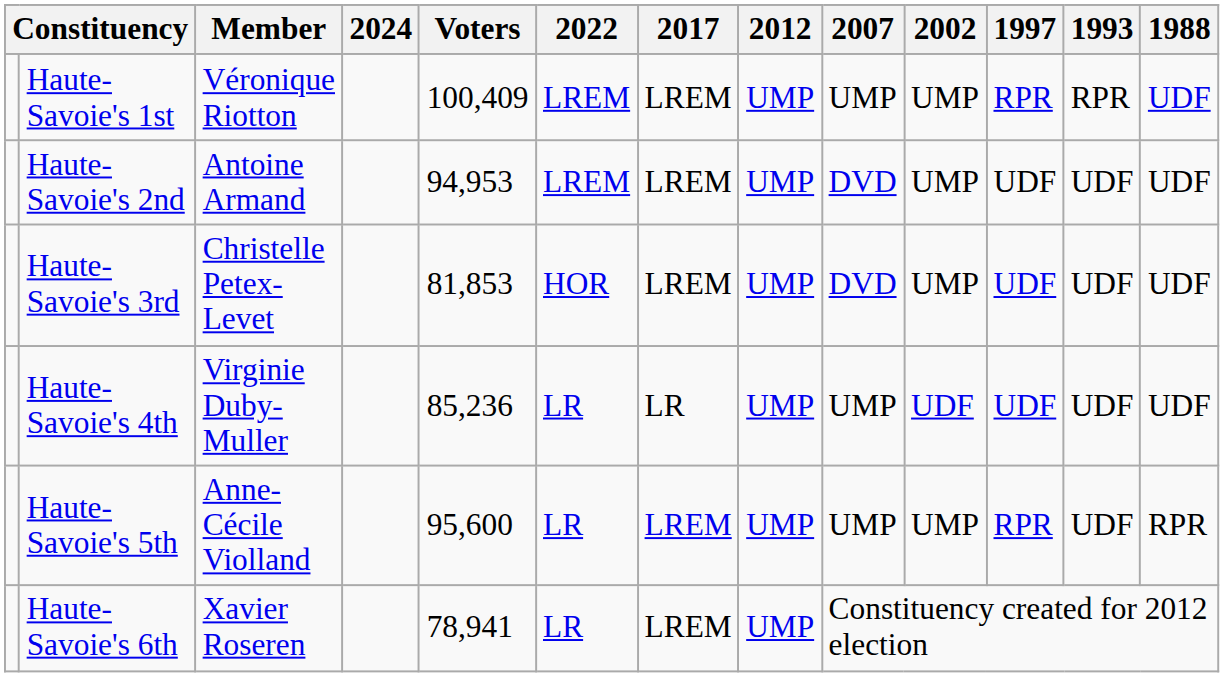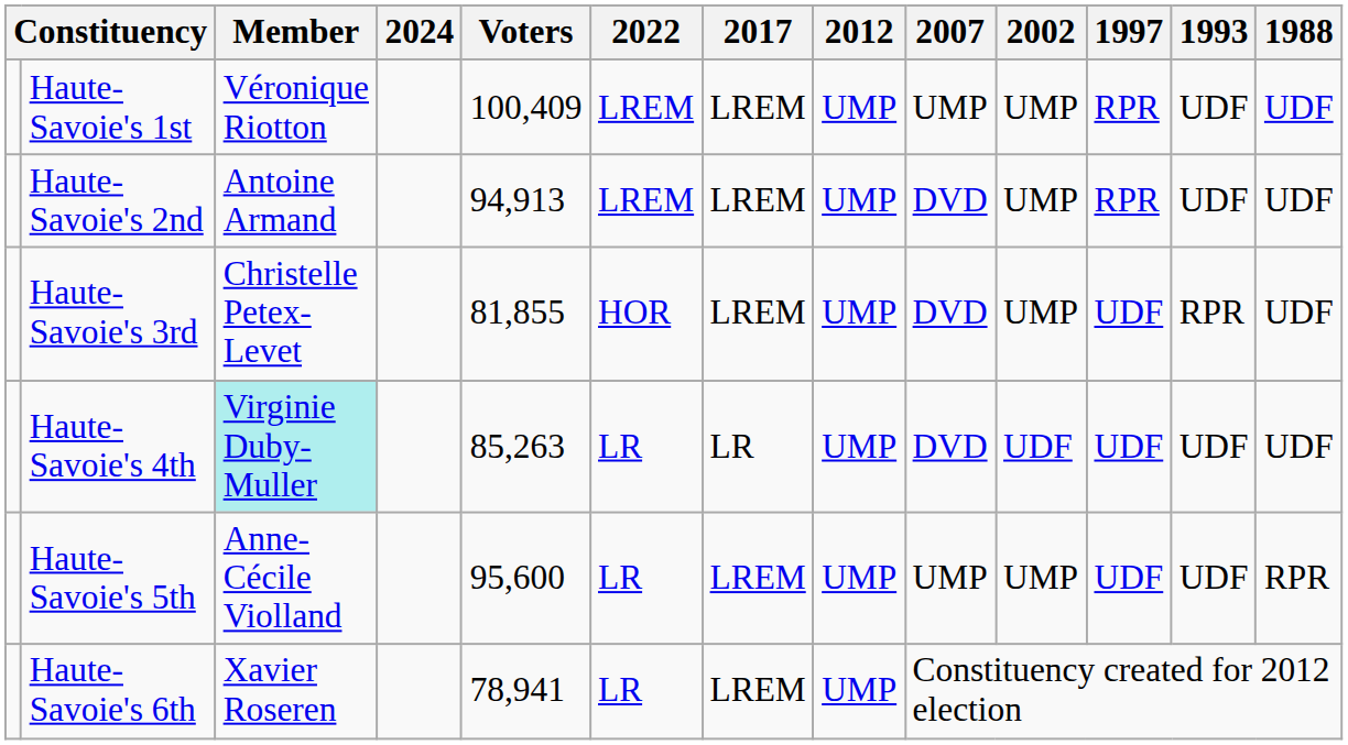 <table class="wikitable sortable">
 <tr>
 <th colspan="2">Constituency</th>
 <th>Member</th>
 <th>2024</th>
 <th>Voters</th>
 <th>2022</th>
 <th>2017</th>
 <th>2012</th>
 <th>2007</th>
 <th>2002</th>
 <th>1997</th>
 <th>1993</th>
 <th>1988</th>
 </tr>
 <tr>
 <td style="background-color: "></td>
 <td><a href='#'>Haute-Savoie's 1st</a></td>
 <td><a href='#'>Véronique Riotton</a></td>
 <td></td>
 <td>100,409</td>
 <td><a href='#'>LREM</a></td>
 <td>LREM</td>
 <td><a href='#'>UMP</a></td>
 <td>UMP</td>
 <td>UMP</td>
 <td><a href='#'>RPR</a></td>
-<td>RPR</td>
+<td>UDF</td>
 <td><a href='#'>UDF</a></td>
 </tr>
 <tr>
 <td style="background-color: "></td>
 <td><a href='#'>Haute-Savoie's 2nd</a></td>
 <td><a href='#'>Antoine Armand</a></td>
 <td></td>
-<td>94,953</td>
+<td>94,913</td>
 <td><a href='#'>LREM</a></td>
 <td>LREM</td>
 <td><a href='#'>UMP</a></td>
 <td><a href='#'>DVD</a></td>
 <td>UMP</td>
-<td>UDF</td>
+<td><a href='#'>RPR</a></td>
 <td>UDF</td>
 <td>UDF</td>
 </tr>
 <tr>
 <td style="background-color: "></td>
 <td><a href='#'>Haute-Savoie's 3rd</a></td>
 <td><a href='#'>Christelle Petex-Levet</a></td>
 <td></td>
-<td>81,853</td>
+<td>81,855</td>
 <td><a href='#'>HOR</a></td>
 <td>LREM</td>
 <td><a href='#'>UMP</a></td>
 <td><a href='#'>DVD</a></td>
 <td>UMP</td>
 <td><a href='#'>UDF</a></td>
-<td>UDF</td>
+<td>RPR</td>
 <td>UDF</td>
 </tr>
 <tr>
 <td style="background-color: "></td>
 <td><a href='#'>Haute-Savoie's 4th</a></td>
-<td><a href='#'>Virginie Duby-Muller</a></td>
+<td style="background: paleturquoise;"><a href='#'>Virginie Duby-Muller</a></td>
 <td></td>
-<td>85,236</td>
+<td>85,263</td>
 <td><a href='#'>LR</a></td>
 <td>LR</td>
 <td><a href='#'>UMP</a></td>
-<td>UMP</td>
+<td><a href='#'>DVD</a></td>
 <td><a href='#'>UDF</a></td>
 <td><a href='#'>UDF</a></td>
 <td>UDF</td>
 <td>UDF</td>
 </tr>
 <tr>
 <td style="background-color: "></td>
 <td><a href='#'>Haute-Savoie's 5th</a></td>
 <td><a href='#'>Anne-Cécile Violland</a></td>
 <td></td>
 <td>95,600</td>
 <td><a href='#'>LR</a></td>
 <td><a href='#'>LREM</a></td>
 <td><a href='#'>UMP</a></td>
 <td>UMP</td>
 <td>UMP</td>
-<td><a href='#'>RPR</a></td>
+<td><a href='#'>UDF</a></td>
 <td>UDF</td>
 <td>RPR</td>
 </tr>
 <tr>
 <td style="background-color: "></td>
 <td><a href='#'>Haute-Savoie's 6th</a></td>
 <td><a href='#'>Xavier Roseren</a></td>
 <td></td>
 <td>78,941</td>
 <td><a href='#'>LR</a></td>
 <td>LREM</td>
 <td><a href='#'>UMP</a></td>
 <td colspan="5">Constituency created for 2012 election</td>
 </tr>
 </table>
